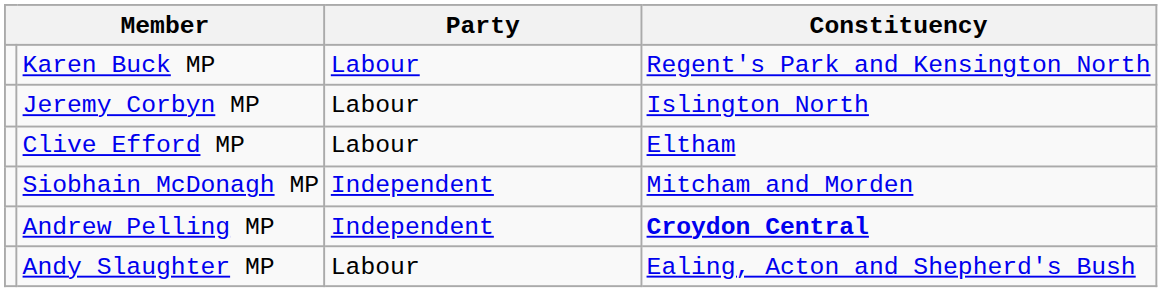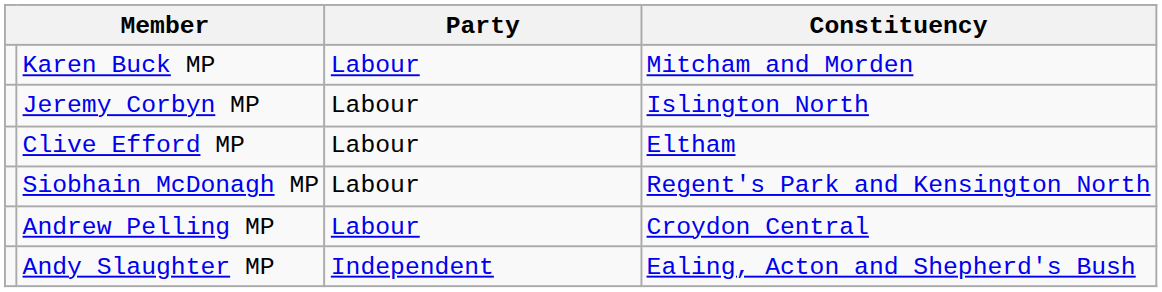 <table class="wikitable">
 <tr>
 <th width="160px" colspan="2">Member</th>
 <th width="160px" colspan="1">Party</th>
 <th width="160px" colspan="2">Constituency</th>
 </tr>
 <tr>
 <td style="color:inherit;background:"></td>
 <td><a href='#'>Karen Buck</a> MP</td>
 <td><a href='#'>Labour</a></td>
-<td><a href='#'>Regent's Park and Kensington North</a></td>
+<td><a href='#'>Mitcham and Morden</a></td>
 </tr>
 <tr>
 <td style="color:inherit;background:"></td>
 <td><a href='#'>Jeremy Corbyn</a> MP</td>
 <td>Labour</td>
 <td><a href='#'>Islington North</a></td>
 </tr>
 <tr>
 <td style="color:inherit;background:"></td>
 <td><a href='#'>Clive Efford</a> MP</td>
 <td>Labour</td>
 <td><a href='#'>Eltham</a></td>
 </tr>
 <tr>
 <td style="color:inherit;background:"></td>
 <td><a href='#'>Siobhain McDonagh</a> MP</td>
-<td><a href='#'>Independent</a></td>
-<td><a href='#'>Mitcham and Morden</a></td>
+<td>Labour</td>
+<td><a href='#'>Regent's Park and Kensington North</a></td>
 </tr>
 <tr>
 <td style="color:inherit;background:"></td>
 <td><a href='#'>Andrew Pelling</a> MP</td>
-<td><a href='#'>Independent</a></td>
-<td><strong><a href='#'>Croydon Central</a></strong></td>
+<td><a href='#'>Labour</a></td>
+<td><a href='#'>Croydon Central</a></td>
 </tr>
 <tr>
 <td style="color:inherit;background:"></td>
 <td><a href='#'>Andy Slaughter</a> MP</td>
-<td>Labour</td>
+<td><a href='#'>Independent</a></td>
 <td><a href='#'>Ealing, Acton and Shepherd's Bush</a></td>
 </tr>
 </table>
